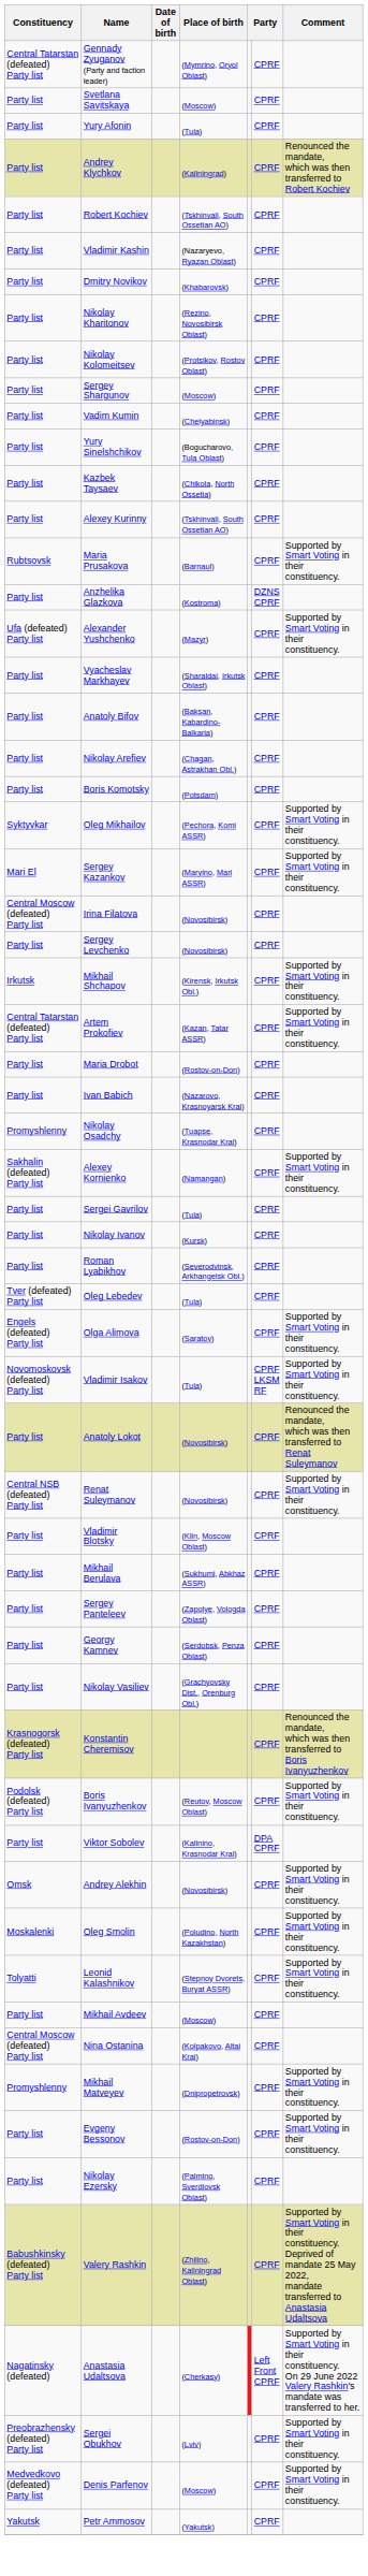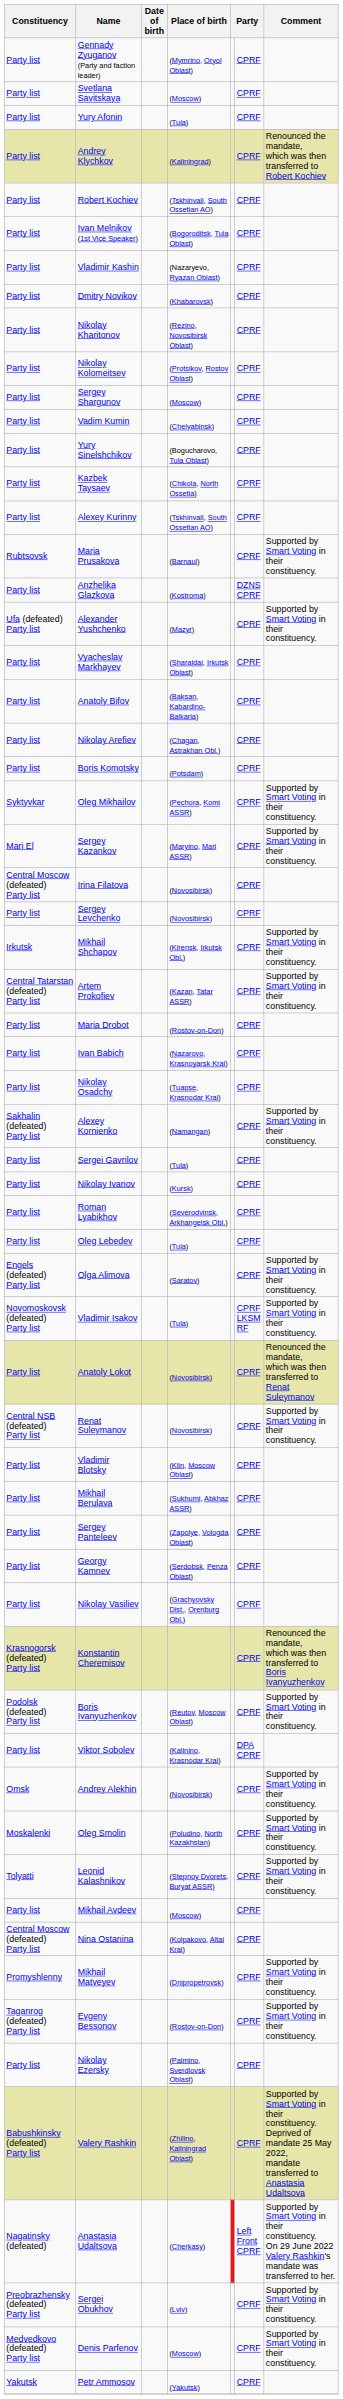 <table class="wikitable sortable centre">
 <tr>
 <th>Constituency</th>
 <th>Name</th>
 <th>Date of birth</th>
 <th>Place of birth</th>
 <th colspan=2>Party</th>
 <th>Comment</th>
 </tr>
 <tr>
-<td><a href='#'>Central Tatarstan</a> (defeated)<br><a href='#'>Party list</a></td>
+<td><a href='#'>Party list</a></td>
 <td><a href='#'>Gennady Zyuganov</a><br><small>(Party and faction leader)</small></td>
 <td></td>
 <td><br><small>(<a href='#'>Mymrino</a>, <a href='#'>Oryol Oblast</a>)</small></td>
 <td style="background: "></td>
 <td><a href='#'>CPRF</a></td>
 <td></td>
 </tr>
 <tr>
 <td><a href='#'>Party list</a></td>
 <td><a href='#'>Svetlana Savitskaya</a></td>
 <td></td>
 <td><br><small>(<a href='#'>Moscow</a>)</small></td>
 <td style="background: "></td>
 <td><a href='#'>CPRF</a></td>
 <td></td>
 </tr>
 <tr>
 <td><a href='#'>Party list</a></td>
 <td><a href='#'>Yury Afonin</a></td>
 <td></td>
 <td><br><small>(<a href='#'>Tula</a>)</small></td>
 <td style="background: "></td>
 <td><a href='#'>CPRF</a></td>
 <td></td>
 </tr>
 <tr style="background:#e6e6aa;">
 <td><a href='#'>Party list</a></td>
 <td><a href='#'>Andrey Klychkov</a></td>
 <td></td>
 <td><br><small>(<a href='#'>Kaliningrad</a>)</small></td>
 <td style="background: "></td>
 <td><a href='#'>CPRF</a></td>
 <td>Renounced the mandate,<br>which was then transferred to <a href='#'>Robert Kochiev</a></td>
 </tr>
 <tr>
 <td><a href='#'>Party list</a></td>
 <td><a href='#'>Robert Kochiev</a></td>
 <td></td>
 <td><br><small>(<a href='#'>Tskhinvali</a>, <a href='#'>South Ossetian AO</a>)</small></td>
+<td style="background: "></td>
+<td><a href='#'>CPRF</a></td>
+<td></td>
+</tr>
+<tr>
+<td><a href='#'>Party list</a></td>
+<td><a href='#'>Ivan Melnikov</a><br><small>(<a href='#'>1st Vice Speaker</a>)</small></td>
+<td></td>
+<td><br><small>(<a href='#'>Bogoroditsk</a>, <a href='#'>Tula Oblast</a>)</small></td>
 <td style="background: "></td>
 <td><a href='#'>CPRF</a></td>
 <td></td>
 </tr>
 <tr>
 <td><a href='#'>Party list</a></td>
 <td><a href='#'>Vladimir Kashin</a></td>
 <td></td>
 <td><br><small>(Nazaryevo, <a href='#'>Ryazan Oblast</a>)</small></td>
 <td style="background: "></td>
 <td><a href='#'>CPRF</a></td>
 <td></td>
 </tr>
 <tr>
 <td><a href='#'>Party list</a></td>
 <td><a href='#'>Dmitry Novikov</a></td>
 <td></td>
 <td><br><small>(<a href='#'>Khabarovsk</a>)</small></td>
 <td style="background: "></td>
 <td><a href='#'>CPRF</a></td>
 <td></td>
 </tr>
 <tr>
 <td><a href='#'>Party list</a></td>
 <td><a href='#'>Nikolay Kharitonov</a></td>
 <td></td>
 <td><br><small>(<a href='#'>Rezino</a>, <a href='#'>Novosibirsk Oblast</a>)</small></td>
 <td style="background: "></td>
 <td><a href='#'>CPRF</a></td>
 <td></td>
 </tr>
 <tr>
 <td><a href='#'>Party list</a></td>
 <td><a href='#'>Nikolay Kolomeitsev</a></td>
 <td></td>
 <td><br><small>(<a href='#'>Protsikov</a>, <a href='#'>Rostov Oblast</a>)</small></td>
 <td style="background: "></td>
 <td><a href='#'>CPRF</a></td>
 <td></td>
 </tr>
 <tr>
 <td><a href='#'>Party list</a></td>
 <td><a href='#'>Sergey Shargunov</a></td>
 <td></td>
 <td><br><small>(<a href='#'>Moscow</a>)</small></td>
 <td style="background: "></td>
 <td><a href='#'>CPRF</a></td>
 <td></td>
 </tr>
 <tr>
 <td><a href='#'>Party list</a></td>
 <td><a href='#'>Vadim Kumin</a></td>
 <td></td>
 <td><br><small>(<a href='#'>Chelyabinsk</a>)</small></td>
 <td style="background: "></td>
 <td><a href='#'>CPRF</a></td>
 <td></td>
 </tr>
 <tr>
 <td><a href='#'>Party list</a></td>
 <td><a href='#'>Yury Sinelshchikov</a></td>
 <td></td>
 <td><br><small>(Bogucharovo, <a href='#'>Tula Oblast</a>)</small></td>
 <td style="background: "></td>
 <td><a href='#'>CPRF</a></td>
 <td></td>
 </tr>
 <tr>
 <td><a href='#'>Party list</a></td>
 <td><a href='#'>Kazbek Taysaev</a></td>
 <td></td>
 <td><br><small>(<a href='#'>Chikola</a>, <a href='#'>North Ossetia</a>)</small></td>
 <td style="background: "></td>
 <td><a href='#'>CPRF</a></td>
 <td></td>
 </tr>
 <tr>
 <td><a href='#'>Party list</a></td>
 <td><a href='#'>Alexey Kurinny</a></td>
 <td></td>
 <td><br><small>(<a href='#'>Tskhinvali</a>, <a href='#'>South Ossetian AO</a>)</small></td>
 <td style="background: "></td>
 <td><a href='#'>CPRF</a></td>
 <td></td>
 </tr>
 <tr>
 <td><a href='#'>Rubtsovsk</a></td>
 <td><a href='#'>Maria Prusakova</a></td>
 <td></td>
 <td><br><small>(<a href='#'>Barnaul</a>)</small></td>
 <td style="background: "></td>
 <td><a href='#'>CPRF</a></td>
 <td>Supported by <a href='#'>Smart Voting</a> in their constituency.</td>
 </tr>
 <tr>
 <td><a href='#'>Party list</a></td>
 <td><a href='#'>Anzhelika Glazkova</a></td>
 <td></td>
 <td><br><small>(<a href='#'>Kostroma</a>)</small></td>
 <td style="background: "></td>
 <td><a href='#'>DZNS</a><br><a href='#'>CPRF</a></td>
 <td></td>
 </tr>
 <tr>
 <td><a href='#'>Ufa</a> (defeated)<br><a href='#'>Party list</a></td>
 <td><a href='#'>Alexander Yushchenko</a></td>
 <td></td>
 <td><br><small>(<a href='#'>Mazyr</a>)</small></td>
 <td style="background: "></td>
 <td><a href='#'>CPRF</a></td>
 <td>Supported by <a href='#'>Smart Voting</a> in their constituency.</td>
 </tr>
 <tr>
 <td><a href='#'>Party list</a></td>
 <td><a href='#'>Vyacheslav Markhayev</a></td>
 <td></td>
 <td><br><small>(<a href='#'>Sharaldai</a>, <a href='#'>Irkutsk Oblast</a>)</small></td>
 <td style="background: "></td>
 <td><a href='#'>CPRF</a></td>
 <td></td>
 </tr>
 <tr>
 <td><a href='#'>Party list</a></td>
 <td><a href='#'>Anatoly Bifov</a></td>
 <td></td>
 <td><br><small>(<a href='#'>Baksan</a>, <a href='#'>Kabardino-Balkaria</a>)</small></td>
 <td style="background: "></td>
 <td><a href='#'>CPRF</a></td>
 <td></td>
 </tr>
 <tr>
 <td><a href='#'>Party list</a></td>
 <td><a href='#'>Nikolay Arefiev</a></td>
 <td></td>
 <td><br><small>(<a href='#'>Chagan</a>, <a href='#'>Astrakhan Obl.</a>)</small></td>
 <td style="background: "></td>
 <td><a href='#'>CPRF</a></td>
 <td></td>
 </tr>
 <tr>
 <td><a href='#'>Party list</a></td>
 <td><a href='#'>Boris Komotsky</a></td>
 <td></td>
 <td><br><small>(<a href='#'>Potsdam</a>)</small></td>
 <td style="background: "></td>
 <td><a href='#'>CPRF</a></td>
 <td></td>
 </tr>
 <tr>
 <td><a href='#'>Syktyvkar</a></td>
 <td><a href='#'>Oleg Mikhailov</a></td>
 <td></td>
 <td><br><small>(<a href='#'>Pechora</a>, <a href='#'>Komi ASSR</a>)</small></td>
 <td style="background: "></td>
 <td><a href='#'>CPRF</a></td>
 <td>Supported by <a href='#'>Smart Voting</a> in their constituency.</td>
 </tr>
 <tr>
 <td><a href='#'>Mari El</a></td>
 <td><a href='#'>Sergey Kazankov</a></td>
 <td></td>
 <td><br><small>(<a href='#'>Maryino</a>, <a href='#'>Mari ASSR</a>)</small></td>
 <td style="background: "></td>
 <td><a href='#'>CPRF</a></td>
 <td>Supported by <a href='#'>Smart Voting</a> in their constituency.</td>
 </tr>
 <tr>
 <td><a href='#'>Central Moscow</a> (defeated)<br><a href='#'>Party list</a></td>
 <td><a href='#'>Irina Filatova</a></td>
 <td></td>
 <td><br><small>(<a href='#'>Novosibirsk</a>)</small></td>
 <td style="background: "></td>
 <td><a href='#'>CPRF</a></td>
 <td></td>
 </tr>
 <tr>
 <td><a href='#'>Party list</a></td>
 <td><a href='#'>Sergey Levchenko</a></td>
 <td></td>
 <td><br><small>(<a href='#'>Novosibirsk</a>)</small></td>
 <td style="background: "></td>
 <td><a href='#'>CPRF</a></td>
 <td></td>
 </tr>
 <tr>
 <td><a href='#'>Irkutsk</a></td>
 <td><a href='#'>Mikhail Shchapov</a></td>
 <td></td>
 <td><br><small>(<a href='#'>Kirensk</a>, <a href='#'>Irkutsk Obl.</a>)</small></td>
 <td style="background: "></td>
 <td><a href='#'>CPRF</a></td>
 <td>Supported by <a href='#'>Smart Voting</a> in their constituency.</td>
 </tr>
 <tr>
 <td><a href='#'>Central Tatarstan</a> (defeated)<br><a href='#'>Party list</a></td>
 <td><a href='#'>Artem Prokofiev</a></td>
 <td></td>
 <td><br><small>(<a href='#'>Kazan</a>, <a href='#'>Tatar ASSR</a>)</small></td>
 <td style="background: "></td>
 <td><a href='#'>CPRF</a></td>
 <td>Supported by <a href='#'>Smart Voting</a> in their constituency.</td>
 </tr>
 <tr>
 <td><a href='#'>Party list</a></td>
 <td><a href='#'>Maria Drobot</a></td>
 <td></td>
 <td><br><small>(<a href='#'>Rostov-on-Don</a>)</small></td>
 <td style="background: "></td>
 <td><a href='#'>CPRF</a></td>
 <td></td>
 </tr>
 <tr>
 <td><a href='#'>Party list</a></td>
 <td><a href='#'>Ivan Babich</a></td>
 <td></td>
 <td><br><small>(<a href='#'>Nazarovo</a>, <a href='#'>Krasnoyarsk Krai</a>)</small></td>
 <td style="background: "></td>
 <td><a href='#'>CPRF</a></td>
 <td></td>
 </tr>
 <tr>
-<td><a href='#'>Promyshlenny</a></td>
+<td><a href='#'>Party list</a></td>
 <td><a href='#'>Nikolay Osadchy</a></td>
 <td></td>
 <td><br><small>(<a href='#'>Tuapse</a>, <a href='#'>Krasnodar Krai</a>)</small></td>
 <td style="background: "></td>
 <td><a href='#'>CPRF</a></td>
 <td></td>
 </tr>
 <tr>
 <td><a href='#'>Sakhalin</a> (defeated)<br><a href='#'>Party list</a></td>
 <td><a href='#'>Alexey Kornienko</a></td>
 <td></td>
 <td><br><small>(<a href='#'>Namangan</a>)</small></td>
 <td style="background: "></td>
 <td><a href='#'>CPRF</a></td>
 <td>Supported by <a href='#'>Smart Voting</a> in their constituency.</td>
 </tr>
 <tr>
 <td><a href='#'>Party list</a></td>
 <td><a href='#'>Sergei Gavrilov</a></td>
 <td></td>
 <td><br><small>(<a href='#'>Tula</a>)</small></td>
 <td style="background: "></td>
 <td><a href='#'>CPRF</a></td>
 <td></td>
 </tr>
 <tr>
 <td><a href='#'>Party list</a></td>
 <td><a href='#'>Nikolay Ivanov</a></td>
 <td></td>
 <td><br><small>(<a href='#'>Kursk</a>)</small></td>
 <td style="background: "></td>
 <td><a href='#'>CPRF</a></td>
 <td></td>
 </tr>
 <tr>
 <td><a href='#'>Party list</a></td>
 <td><a href='#'>Roman Lyabikhov</a></td>
 <td></td>
 <td><br><small>(<a href='#'>Severodvinsk</a>, <a href='#'>Arkhangelsk Obl.</a>)</small></td>
 <td style="background: "></td>
 <td><a href='#'>CPRF</a></td>
 <td></td>
 </tr>
 <tr>
-<td><a href='#'>Tver</a> (defeated)<br><a href='#'>Party list</a></td>
+<td><a href='#'>Party list</a></td>
 <td><a href='#'>Oleg Lebedev</a></td>
 <td></td>
 <td><br><small>(<a href='#'>Tula</a>)</small></td>
 <td style="background: "></td>
 <td><a href='#'>CPRF</a></td>
 <td></td>
 </tr>
 <tr>
 <td><a href='#'>Engels</a> (defeated)<br><a href='#'>Party list</a></td>
 <td><a href='#'>Olga Alimova</a></td>
 <td></td>
 <td><br><small>(<a href='#'>Saratov</a>)</small></td>
 <td style="background: "></td>
 <td><a href='#'>CPRF</a></td>
 <td>Supported by <a href='#'>Smart Voting</a> in their constituency.</td>
 </tr>
 <tr>
 <td><a href='#'>Novomoskovsk</a> (defeated)<br><a href='#'>Party list</a></td>
 <td><a href='#'>Vladimir Isakov</a></td>
 <td></td>
 <td><br><small>(<a href='#'>Tula</a>)</small></td>
 <td style="background: "></td>
 <td><a href='#'>CPRF</a><br><a href='#'>LKSM RF</a></td>
 <td>Supported by <a href='#'>Smart Voting</a> in their constituency.</td>
 </tr>
 <tr style="background:#e6e6aa;">
 <td><a href='#'>Party list</a></td>
 <td><a href='#'>Anatoly Lokot</a></td>
 <td></td>
 <td><br><small>(<a href='#'>Novosibirsk</a>)</small></td>
 <td style="background: "></td>
 <td><a href='#'>CPRF</a></td>
 <td>Renounced the mandate,<br>which was then transferred to <a href='#'>Renat Suleymanov</a></td>
 </tr>
 <tr>
 <td><a href='#'>Central NSB</a> (defeated)<br><a href='#'>Party list</a></td>
 <td><a href='#'>Renat Suleymanov</a></td>
 <td></td>
 <td><br><small>(<a href='#'>Novosibirsk</a>)</small></td>
 <td style="background: "></td>
 <td><a href='#'>CPRF</a></td>
 <td>Supported by <a href='#'>Smart Voting</a> in their constituency.</td>
 </tr>
 <tr>
 <td><a href='#'>Party list</a></td>
 <td><a href='#'>Vladimir Blotsky</a></td>
 <td></td>
 <td><br><small>(<a href='#'>Klin</a>, <a href='#'>Moscow Oblast</a>)</small></td>
 <td style="background: "></td>
 <td><a href='#'>CPRF</a></td>
 <td></td>
 </tr>
 <tr>
 <td><a href='#'>Party list</a></td>
 <td><a href='#'>Mikhail Berulava</a></td>
 <td></td>
 <td><br><small>(<a href='#'>Sukhumi</a>, <a href='#'>Abkhaz ASSR</a>)</small></td>
 <td style="background: "></td>
 <td><a href='#'>CPRF</a></td>
 <td></td>
 </tr>
 <tr>
 <td><a href='#'>Party list</a></td>
 <td><a href='#'>Sergey Panteleev</a></td>
 <td></td>
 <td><br><small>(<a href='#'>Zapolye</a>, <a href='#'>Vologda Oblast</a>)</small></td>
 <td style="background: "></td>
 <td><a href='#'>CPRF</a></td>
 <td></td>
 </tr>
 <tr>
 <td><a href='#'>Party list</a></td>
 <td><a href='#'>Georgy Kamnev</a></td>
 <td></td>
 <td><br><small>(<a href='#'>Serdobsk</a>, <a href='#'>Penza Oblast</a>)</small></td>
 <td style="background: "></td>
 <td><a href='#'>CPRF</a></td>
 <td></td>
 </tr>
 <tr>
 <td><a href='#'>Party list</a></td>
 <td><a href='#'>Nikolay Vasiliev</a></td>
 <td></td>
 <td><br><small>(<a href='#'>Grachyovsky Dist.</a>, <a href='#'>Orenburg Obl.</a>)</small></td>
 <td style="background: "></td>
 <td><a href='#'>CPRF</a></td>
 <td></td>
 </tr>
 <tr style="background:#e6e6aa;">
 <td><a href='#'>Krasnogorsk</a> (defeated)<br><a href='#'>Party list</a></td>
 <td><a href='#'>Konstantin Cheremisov</a></td>
 <td></td>
 <td></td>
 <td style="background: "></td>
 <td><a href='#'>CPRF</a></td>
 <td>Renounced the mandate,<br>which was then transferred to <a href='#'>Boris Ivanyuzhenkov</a></td>
 </tr>
 <tr>
 <td><a href='#'>Podolsk</a> (defeated)<br><a href='#'>Party list</a></td>
 <td><a href='#'>Boris Ivanyuzhenkov</a></td>
 <td></td>
 <td><br><small>(<a href='#'>Reutov</a>, <a href='#'>Moscow Oblast</a>)</small></td>
 <td style="background: "></td>
 <td><a href='#'>CPRF</a></td>
 <td>Supported by <a href='#'>Smart Voting</a> in their constituency.</td>
 </tr>
 <tr>
 <td><a href='#'>Party list</a></td>
 <td><a href='#'>Viktor Sobolev</a></td>
 <td></td>
 <td><br><small>(<a href='#'>Kalinino</a>, <a href='#'>Krasnodar Krai</a>)</small></td>
 <td style="background: "></td>
 <td><a href='#'>DPA</a><br><a href='#'>CPRF</a></td>
 <td></td>
 </tr>
 <tr>
 <td><a href='#'>Omsk</a></td>
 <td><a href='#'>Andrey Alekhin</a></td>
 <td></td>
 <td><br><small>(<a href='#'>Novosibirsk</a>)</small></td>
 <td style="background: "></td>
 <td><a href='#'>CPRF</a></td>
 <td>Supported by <a href='#'>Smart Voting</a> in their constituency.</td>
 </tr>
 <tr>
 <td><a href='#'>Moskalenki</a></td>
 <td><a href='#'>Oleg Smolin</a></td>
 <td></td>
 <td><br><small>(<a href='#'>Poludino</a>, <a href='#'>North Kazakhstan</a>)</small></td>
 <td style="background: "></td>
 <td><a href='#'>CPRF</a></td>
 <td>Supported by <a href='#'>Smart Voting</a> in their constituency.</td>
 </tr>
 <tr>
 <td><a href='#'>Tolyatti</a></td>
 <td><a href='#'>Leonid Kalashnikov</a></td>
 <td></td>
 <td><br><small>(<a href='#'>Stepnoy Dvorets</a>, <a href='#'>Buryat ASSR</a>)</small></td>
 <td style="background: "></td>
 <td><a href='#'>CPRF</a></td>
 <td>Supported by <a href='#'>Smart Voting</a> in their constituency.</td>
 </tr>
 <tr>
 <td><a href='#'>Party list</a></td>
 <td><a href='#'>Mikhail Avdeev</a></td>
 <td></td>
 <td><br><small>(<a href='#'>Moscow</a>)</small></td>
 <td style="background: "></td>
 <td><a href='#'>CPRF</a></td>
 <td></td>
 </tr>
 <tr>
 <td><a href='#'>Central Moscow</a> (defeated)<br><a href='#'>Party list</a></td>
 <td><a href='#'>Nina Ostanina</a></td>
 <td></td>
 <td><br><small>(<a href='#'>Kolpakovo</a>, <a href='#'>Altai Krai</a>)</small></td>
 <td style="background: "></td>
 <td><a href='#'>CPRF</a></td>
 <td></td>
 </tr>
 <tr>
 <td><a href='#'>Promyshlenny</a></td>
 <td><a href='#'>Mikhail Matveyev</a></td>
 <td></td>
 <td><br><small>(<a href='#'>Dnipropetrovsk</a>)</small></td>
 <td style="background: "></td>
 <td><a href='#'>CPRF</a></td>
 <td>Supported by <a href='#'>Smart Voting</a> in their constituency.</td>
 </tr>
 <tr>
-<td><a href='#'>Party list</a></td>
+<td><a href='#'>Taganrog</a> (defeated)<br><a href='#'>Party list</a></td>
 <td><a href='#'>Evgeny Bessonov</a></td>
 <td></td>
 <td><br><small>(<a href='#'>Rostov-on-Don</a>)</small></td>
 <td style="background: "></td>
 <td><a href='#'>CPRF</a></td>
 <td>Supported by <a href='#'>Smart Voting</a> in their constituency.</td>
 </tr>
 <tr>
 <td><a href='#'>Party list</a></td>
 <td><a href='#'>Nikolay Ezersky</a></td>
 <td></td>
 <td><br><small>(<a href='#'>Palmino</a>, <a href='#'>Sverdlovsk Oblast</a>)</small></td>
 <td style="background: "></td>
 <td><a href='#'>CPRF</a></td>
 <td></td>
 </tr>
 <tr style="background:#e6e6aa;">
 <td><a href='#'>Babushkinsky</a> (defeated)<br><a href='#'>Party list</a></td>
 <td><a href='#'>Valery Rashkin</a></td>
 <td></td>
 <td><br><small>(<a href='#'>Zhilino</a>, <a href='#'>Kaliningrad Oblast</a>)</small></td>
 <td style="background: "></td>
 <td><a href='#'>CPRF</a></td>
 <td>Supported by <a href='#'>Smart Voting</a> in their constituency.<br>Deprived of mandate 25 May 2022,<br>mandate transferred to <a href='#'>Anastasia Udaltsova</a></td>
 </tr>
 <tr>
 <td><a href='#'>Nagatinsky</a> (defeated)</td>
 <td><a href='#'>Anastasia Udaltsova</a></td>
 <td></td>
 <td><br><small>(<a href='#'>Cherkasy</a>)</small></td>
 <td style="background: #ED1515;"></td>
 <td><a href='#'>Left Front</a><br><a href='#'>CPRF</a></td>
 <td>Supported by <a href='#'>Smart Voting</a> in their constituency.<br>On 29 June 2022 <a href='#'>Valery Rashkin</a>'s<br>mandate was transferred to her.</td>
 </tr>
 <tr>
 <td><a href='#'>Preobrazhensky</a> (defeated)<br><a href='#'>Party list</a></td>
 <td><a href='#'>Sergei Obukhov</a></td>
 <td></td>
 <td><br><small>(<a href='#'>Lviv</a>)</small></td>
 <td style="background: "></td>
 <td><a href='#'>CPRF</a></td>
 <td>Supported by <a href='#'>Smart Voting</a> in their constituency.</td>
 </tr>
 <tr>
 <td><a href='#'>Medvedkovo</a> (defeated)<br><a href='#'>Party list</a></td>
 <td><a href='#'>Denis Parfenov</a></td>
 <td></td>
 <td><br><small>(<a href='#'>Moscow</a>)</small></td>
 <td style="background: "></td>
 <td><a href='#'>CPRF</a></td>
 <td>Supported by <a href='#'>Smart Voting</a> in their constituency.</td>
 </tr>
 <tr>
 <td><a href='#'>Yakutsk</a></td>
 <td><a href='#'>Petr Ammosov</a></td>
 <td></td>
 <td><br><small>(<a href='#'>Yakutsk</a>)</small></td>
 <td style="background: "></td>
 <td><a href='#'>CPRF</a></td>
 <td></td>
 </tr>
 <tr>
 </tr>
 </table>
